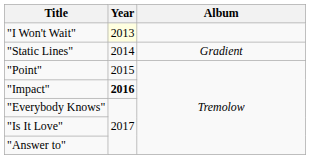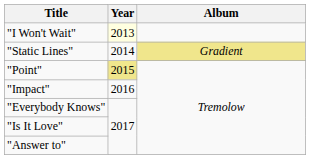 <table class="wikitable" style="text-align:center;">
 <tr>
 <th scope="col">Title</th>
 <th scope="col">Year</th>
 <th scope="col" width="220">Album</th>
 </tr>
 <tr>
 <td align="left">"I Won't Wait"</td>
 <td style="background: lightyellow;">2013</td>
 <td></td>
 </tr>
 <tr>
 <td align="left">"Static Lines"</td>
 <td>2014</td>
-<td><em>Gradient</em></td>
+<td style="background: khaki;"><em>Gradient</em></td>
 </tr>
 <tr>
 <td align="left">"Point"</td>
-<td>2015</td>
+<td style="background: khaki;">2015</td>
 <td rowspan="5"><em>Tremolow</em></td>
 </tr>
 <tr>
 <td align="left">"Impact"</td>
-<td><strong>2016</strong></td>
+<td>2016</td>
 </tr>
 <tr>
 <td align="left">"Everybody Knows"</td>
 <td rowspan="3">2017</td>
 </tr>
 <tr>
 <td align="left">"Is It Love"</td>
 </tr>
 <tr>
 <td align="left">"Answer to"</td>
 </tr>
 </table>
